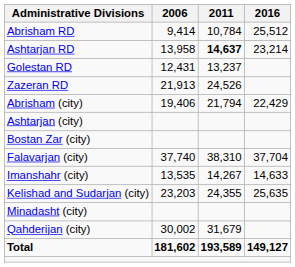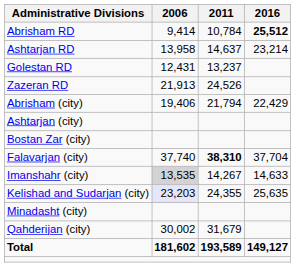 <table class="wikitable">
 <tr>
 <th>Administrative Divisions</th>
 <th>2006</th>
 <th>2011</th>
 <th>2016</th>
 </tr>
 <tr>
 <td><a href='#'>Abrisham RD</a></td>
 <td style="text-align: right;">9,414</td>
 <td style="text-align: right;">10,784</td>
-<td style="text-align: right;">25,512</td>
+<td style="text-align: right;"><strong>25,512</strong></td>
 </tr>
 <tr>
 <td><a href='#'>Ashtarjan RD</a></td>
 <td style="text-align: right;">13,958</td>
-<td style="text-align: right;"><strong>14,637</strong></td>
+<td style="text-align: right;">14,637</td>
 <td style="text-align: right;">23,214</td>
 </tr>
 <tr>
 <td><a href='#'>Golestan RD</a></td>
 <td style="text-align: right;">12,431</td>
 <td style="text-align: right;">13,237</td>
 <td style="text-align: right;"></td>
 </tr>
 <tr>
 <td><a href='#'>Zazeran RD</a></td>
 <td style="text-align: right;">21,913</td>
 <td style="text-align: right;">24,526</td>
 <td style="text-align: right;"></td>
 </tr>
 <tr>
 <td><a href='#'>Abrisham</a> (city)</td>
 <td style="text-align: right;">19,406</td>
 <td style="text-align: right;">21,794</td>
 <td style="text-align: right;">22,429</td>
 </tr>
 <tr>
 <td><a href='#'>Ashtarjan</a> (city)</td>
 <td style="text-align: right;"></td>
 <td style="text-align: right;"></td>
 <td style="text-align: right;"></td>
 </tr>
 <tr>
 <td><a href='#'>Bostan Zar</a> (city)</td>
 <td style="text-align: right;"></td>
 <td style="text-align: right;"></td>
 <td style="text-align: right;"></td>
 </tr>
 <tr>
 <td><a href='#'>Falavarjan</a> (city)</td>
 <td style="text-align: right;">37,740</td>
-<td style="text-align: right;">38,310</td>
+<td style="text-align: right;"><strong>38,310</strong></td>
 <td style="text-align: right;">37,704</td>
 </tr>
 <tr>
 <td><a href='#'>Imanshahr</a> (city)</td>
-<td style="text-align: right;">13,535</td>
+<td style="background: lightgrey; text-align: right;">13,535</td>
 <td style="text-align: right;">14,267</td>
 <td style="text-align: right;">14,633</td>
 </tr>
 <tr>
 <td><a href='#'>Kelishad and Sudarjan</a> (city)</td>
-<td style="text-align: right;">23,203</td>
+<td style="background: lavender; text-align: right;">23,203</td>
 <td style="text-align: right;">24,355</td>
 <td style="text-align: right;">25,635</td>
 </tr>
 <tr>
 <td><a href='#'>Minadasht</a> (city)</td>
 <td style="text-align: right;"></td>
 <td style="text-align: right;"></td>
 <td style="text-align: right;"></td>
 </tr>
 <tr>
 <td><a href='#'>Qahderijan</a> (city)</td>
 <td style="text-align: right;">30,002</td>
 <td style="text-align: right;">31,679</td>
 <td style="text-align: right;"></td>
 </tr>
 <tr>
 <td><strong>Total</strong></td>
 <td style="text-align: right;"><strong>181,602</strong></td>
 <td style="text-align: right;"><strong>193,589</strong></td>
 <td style="text-align: right;"><strong>149,127</strong></td>
 </tr>
 <tr>
 <td colspan=4></td>
 </tr>
 </table>
